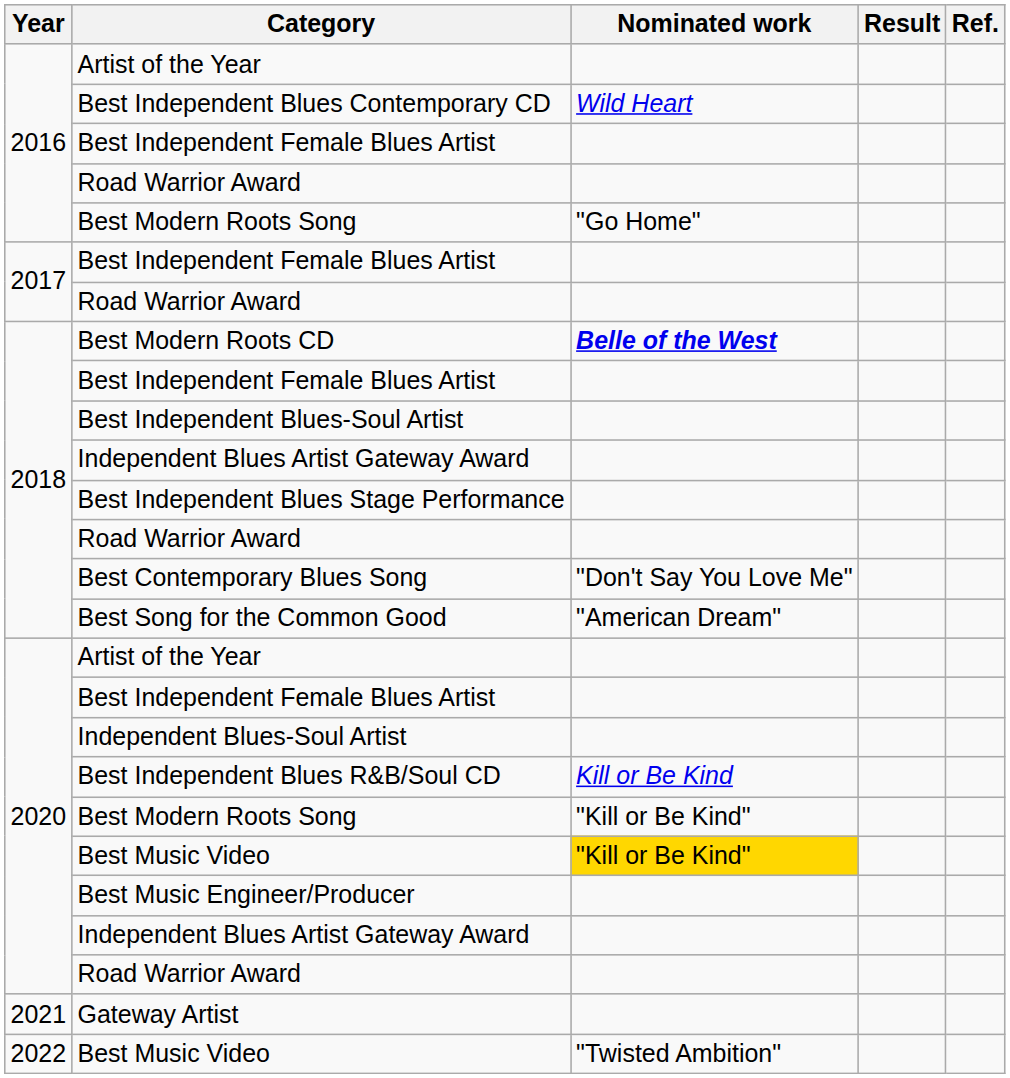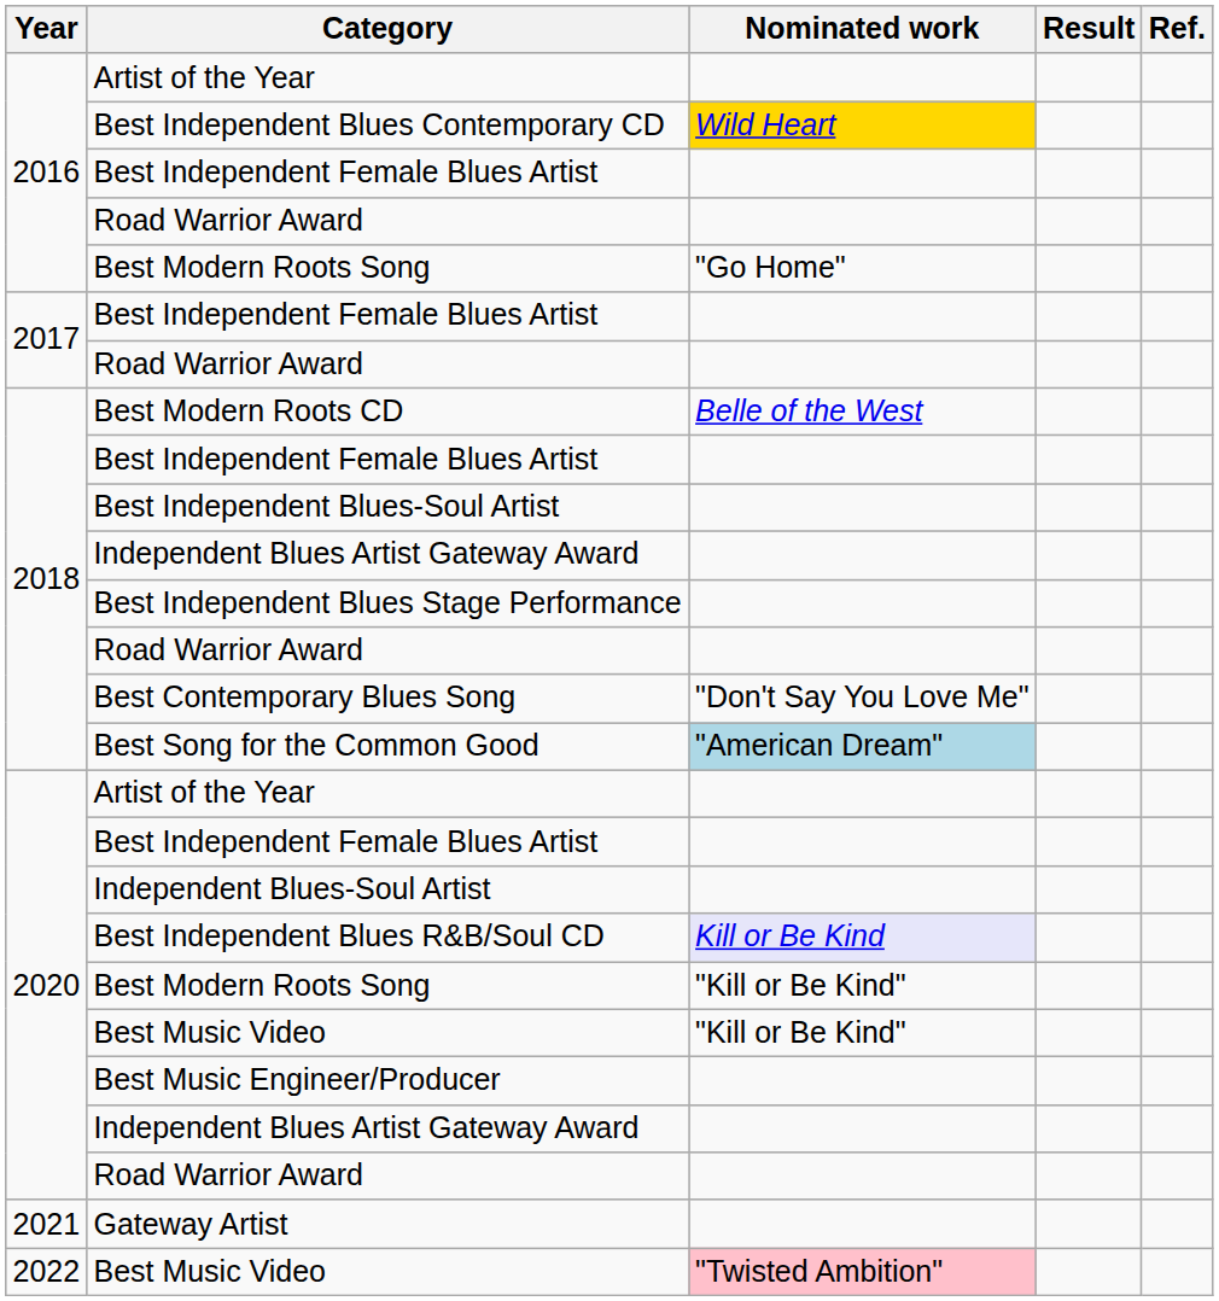 <table class="wikitable">
 <tr>
 <th>Year</th>
 <th>Category</th>
 <th>Nominated work</th>
 <th>Result</th>
 <th>Ref.</th>
 </tr>
 <tr>
 <td rowspan="5">2016</td>
 <td>Artist of the Year</td>
 <td></td>
 <td></td>
 <td></td>
 </tr>
 <tr>
 <td>Best Independent Blues Contemporary CD</td>
-<td><em><a href='#'>Wild Heart</a></em></td>
+<td style="background: gold;"><em><a href='#'>Wild Heart</a></em></td>
 <td></td>
 <td></td>
 </tr>
 <tr>
 <td>Best Independent Female Blues Artist</td>
 <td></td>
 <td></td>
 <td></td>
 </tr>
 <tr>
 <td>Road Warrior Award</td>
 <td></td>
 <td></td>
 <td></td>
 </tr>
 <tr>
 <td>Best Modern Roots Song</td>
 <td>"Go Home"</td>
 <td></td>
 <td></td>
 </tr>
 <tr>
 <td rowspan="2">2017</td>
 <td>Best Independent Female Blues Artist</td>
 <td></td>
 <td></td>
 <td></td>
 </tr>
 <tr>
 <td>Road Warrior Award</td>
 <td></td>
 <td></td>
 <td></td>
 </tr>
 <tr>
 <td rowspan="8">2018</td>
 <td>Best Modern Roots CD</td>
-<td><strong><em><a href='#'>Belle of the West</a></em></strong></td>
+<td><em><a href='#'>Belle of the West</a></em></td>
 <td></td>
 <td></td>
 </tr>
 <tr>
 <td>Best Independent Female Blues Artist</td>
 <td></td>
 <td></td>
 <td></td>
 </tr>
 <tr>
 <td>Best Independent Blues-Soul Artist</td>
 <td></td>
 <td></td>
 <td></td>
 </tr>
 <tr>
 <td>Independent Blues Artist Gateway Award</td>
 <td></td>
 <td></td>
 <td></td>
 </tr>
 <tr>
 <td>Best Independent Blues Stage Performance</td>
 <td></td>
 <td></td>
 <td></td>
 </tr>
 <tr>
 <td>Road Warrior Award</td>
 <td></td>
 <td></td>
 <td></td>
 </tr>
 <tr>
 <td>Best Contemporary Blues Song</td>
 <td>"Don't Say You Love Me"</td>
 <td></td>
 <td></td>
 </tr>
 <tr>
 <td>Best Song for the Common Good</td>
-<td>"American Dream"</td>
+<td style="background: lightblue;">"American Dream"</td>
 <td></td>
 <td></td>
 </tr>
 <tr>
 <td rowspan="9">2020</td>
 <td>Artist of the Year</td>
 <td></td>
 <td></td>
 <td></td>
 </tr>
 <tr>
 <td>Best Independent Female Blues Artist</td>
 <td></td>
 <td></td>
 <td></td>
 </tr>
 <tr>
 <td>Independent Blues-Soul Artist</td>
 <td></td>
 <td></td>
 <td></td>
 </tr>
 <tr>
 <td>Best Independent Blues R&B/Soul CD</td>
-<td><em><a href='#'>Kill or Be Kind</a></em></td>
+<td style="background: lavender;"><em><a href='#'>Kill or Be Kind</a></em></td>
 <td></td>
 <td></td>
 </tr>
 <tr>
 <td>Best Modern Roots Song</td>
 <td>"Kill or Be Kind"</td>
 <td></td>
 <td></td>
 </tr>
 <tr>
 <td>Best Music Video</td>
-<td style="background: gold;">"Kill or Be Kind"</td>
+<td>"Kill or Be Kind"</td>
 <td></td>
 <td></td>
 </tr>
 <tr>
 <td>Best Music Engineer/Producer</td>
 <td></td>
 <td></td>
 <td></td>
 </tr>
 <tr>
 <td>Independent Blues Artist Gateway Award</td>
 <td></td>
 <td></td>
 <td></td>
 </tr>
 <tr>
 <td>Road Warrior Award</td>
 <td></td>
 <td></td>
 <td></td>
 </tr>
 <tr>
 <td>2021</td>
 <td>Gateway Artist</td>
 <td></td>
 <td></td>
 <td></td>
 </tr>
 <tr>
 <td>2022</td>
 <td>Best Music Video</td>
-<td>"Twisted Ambition"</td>
+<td style="background: pink;">"Twisted Ambition"</td>
 <td></td>
 <td></td>
 </tr>
 </table>
